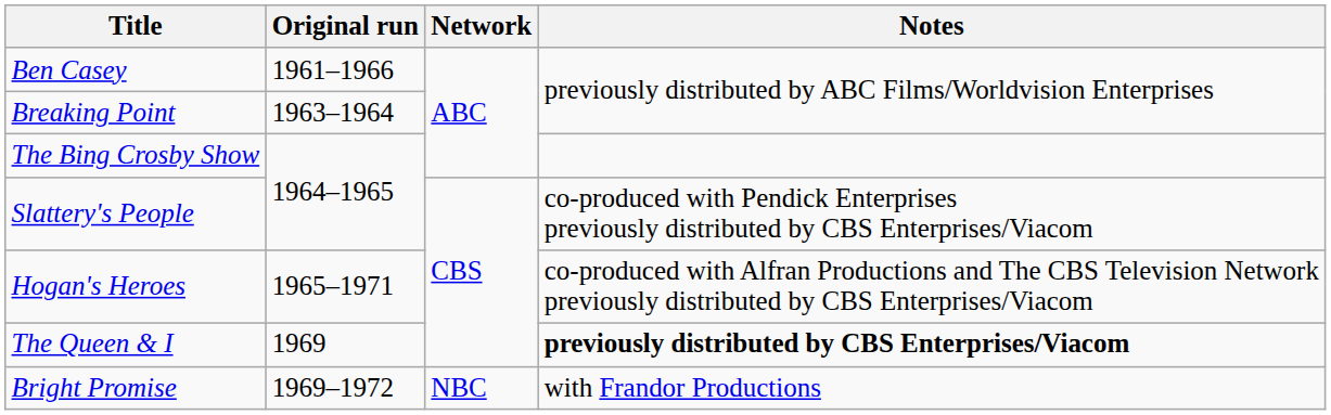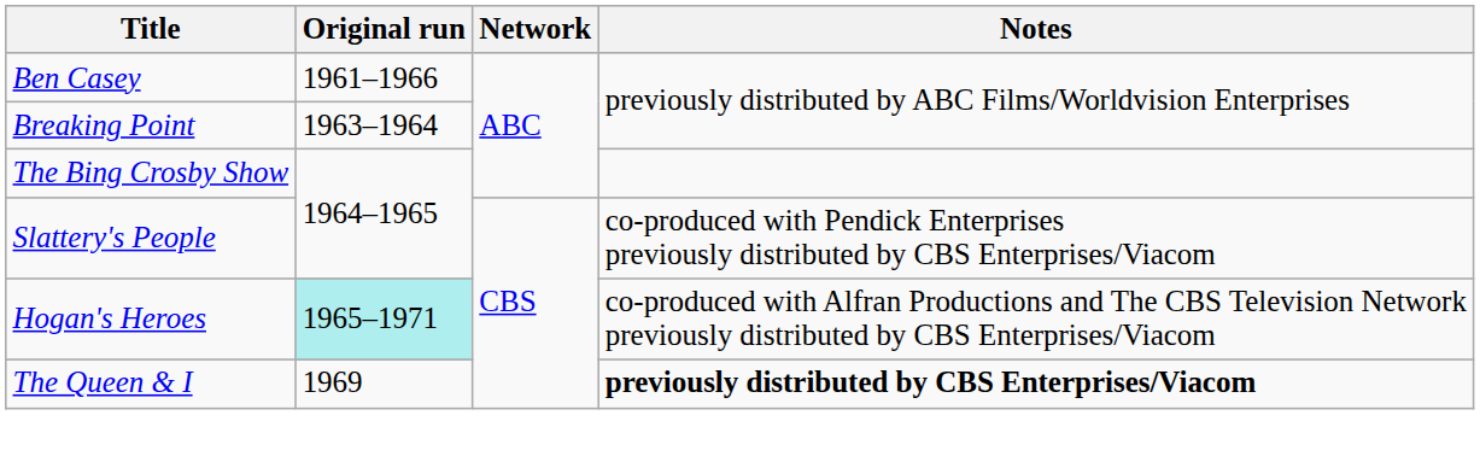 <table class="wikitable sortable">
 <tr>
 <th>Title</th>
 <th>Original run</th>
 <th>Network</th>
 <th>Notes</th>
 </tr>
 <tr>
 <td><em><a href='#'>Ben Casey</a></em></td>
 <td>1961–1966</td>
 <td rowspan="3"><a href='#'>ABC</a></td>
 <td rowspan="2">previously distributed by ABC Films/Worldvision Enterprises</td>
 </tr>
 <tr>
 <td><em><a href='#'>Breaking Point</a></em></td>
 <td>1963–1964</td>
 </tr>
 <tr>
 <td><em><a href='#'>The Bing Crosby Show</a></em></td>
 <td rowspan="2">1964–1965</td>
 <td></td>
 </tr>
 <tr>
 <td><em><a href='#'>Slattery's People</a></em></td>
 <td rowspan="3"><a href='#'>CBS</a></td>
 <td>co-produced with Pendick Enterprises <br>previously distributed by CBS Enterprises/Viacom</td>
 </tr>
 <tr>
 <td><em><a href='#'>Hogan's Heroes</a></em></td>
-<td>1965–1971</td>
+<td style="background: paleturquoise;">1965–1971</td>
 <td>co-produced with Alfran Productions and The CBS Television Network<br>previously distributed by CBS Enterprises/Viacom</td>
 </tr>
 <tr>
 <td><em><a href='#'>The Queen & I</a></em></td>
 <td>1969</td>
 <td><strong>previously distributed by CBS Enterprises/Viacom</strong></td>
 </tr>
-<tr>
-<td><em><a href='#'>Bright Promise</a></em></td>
-<td>1969–1972</td>
-<td><a href='#'>NBC</a></td>
-<td>with <a href='#'>Frandor Productions</a></td>
-</tr>
 </table>
